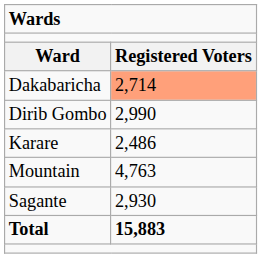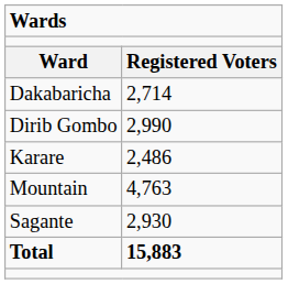 <table class="wikitable">
 <tr>
 <td colspan="2"><strong>Wards</strong></td>
 </tr>
 <tr>
 <td colspan="2"></td>
 </tr>
 <tr>
 <th>Ward</th>
 <th>Registered Voters</th>
 </tr>
 <tr>
 <td>Dakabaricha</td>
-<td style="background: lightsalmon;">2,714</td>
+<td>2,714</td>
 </tr>
 <tr>
 <td>Dirib Gombo</td>
 <td>2,990</td>
 </tr>
 <tr>
 <td>Karare</td>
 <td>2,486</td>
 </tr>
 <tr>
 <td>Mountain</td>
 <td>4,763</td>
 </tr>
 <tr>
 <td>Sagante</td>
 <td>2,930</td>
 </tr>
 <tr>
 <td><strong>Total</strong></td>
 <td><strong>15,883</strong></td>
 </tr>
 <tr>
 <td colspan="2"></td>
 </tr>
 </table>
